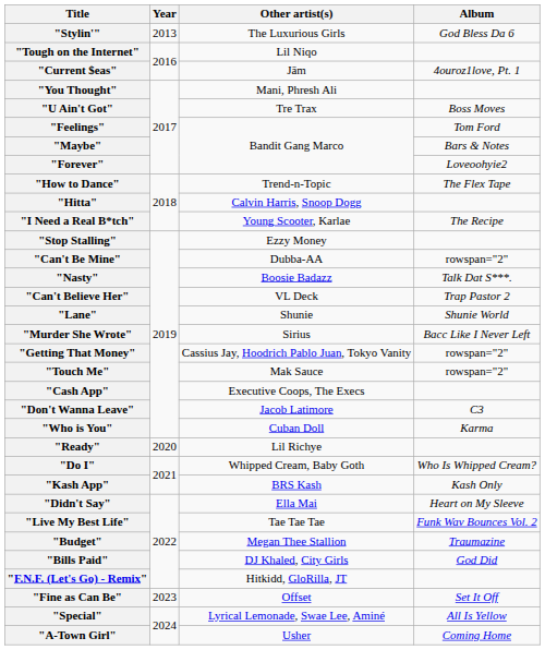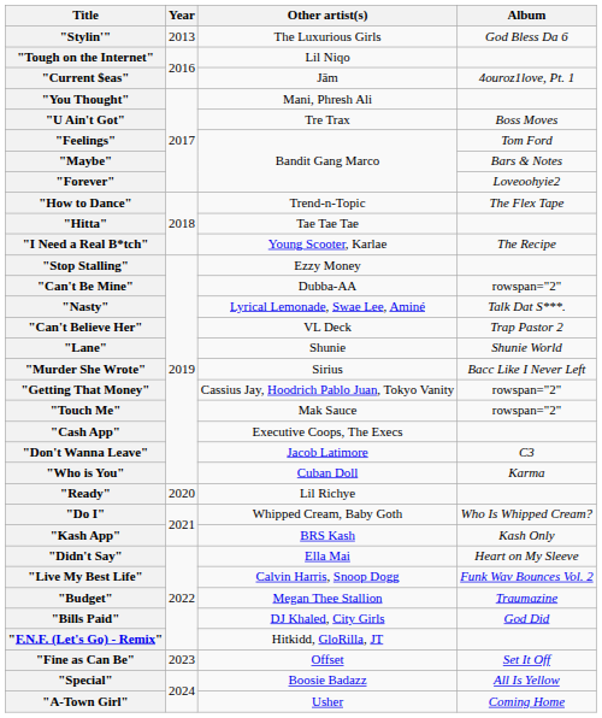 <table class="wikitable plainrowheaders" style="text-align:center;">
 <tr>
 <th scope="col">Title</th>
 <th scope="col">Year</th>
 <th scope="col">Other artist(s)</th>
 <th scope="col">Album</th>
 </tr>
 <tr>
 <th scope="row">"Stylin'"</th>
 <td>2013</td>
 <td>The Luxurious Girls</td>
 <td><em>God Bless Da 6</em></td>
 </tr>
 <tr>
 <th scope="row">"Tough on the Internet"</th>
 <td rowspan="2">2016</td>
 <td>Lil Niqo</td>
 </tr>
 <tr>
 <th scope="row">"Current $eas"</th>
 <td>Jām</td>
 <td><em>4ouroz1love, Pt. 1</em></td>
 </tr>
 <tr>
 <th scope="row">"You Thought"</th>
 <td rowspan="5">2017</td>
 <td>Mani, Phresh Ali</td>
 <td></td>
 </tr>
 <tr>
 <th scope="row">"U Ain't Got"</th>
 <td>Tre Trax</td>
 <td><em>Boss Moves</em></td>
 </tr>
 <tr>
 <th scope="row">"Feelings"</th>
 <td rowspan="3">Bandit Gang Marco</td>
 <td><em>Tom Ford</em></td>
 </tr>
 <tr>
 <th scope="row">"Maybe"</th>
 <td><em>Bars & Notes</em></td>
 </tr>
 <tr>
 <th scope="row">"Forever"</th>
 <td><em>Loveoohyie2</em></td>
 </tr>
 <tr>
 <th scope="row">"How to Dance"</th>
 <td rowspan="3">2018</td>
 <td>Trend-n-Topic</td>
 <td><em>The Flex Tape</em></td>
 </tr>
 <tr>
 <th scope="row">"Hitta"</th>
-<td><a href='#'>Calvin Harris</a>, <a href='#'>Snoop Dogg</a></td>
+<td>Tae Tae Tae</td>
 </tr>
 <tr>
 <th scope="row">"I Need a Real B*tch"</th>
 <td><a href='#'>Young Scooter</a>, Karlae</td>
 <td><em>The Recipe</em></td>
 </tr>
 <tr>
 <th scope="row">"Stop Stalling"</th>
 <td rowspan="11">2019</td>
 <td>Ezzy Money</td>
 <td></td>
 </tr>
 <tr>
 <th scope="row">"Can't Be Mine"</th>
 <td>Dubba-AA</td>
 <td>rowspan="2" </td>
 </tr>
 <tr>
 <th scope="row">"Nasty"</th>
-<td><a href='#'>Boosie Badazz</a></td>
+<td><a href='#'>Lyrical Lemonade</a>, <a href='#'>Swae Lee</a>, <a href='#'>Aminé</a></td>
 <td><em>Talk Dat S***.</em></td>
 </tr>
 <tr>
 <th scope="row">"Can't Believe Her"</th>
 <td>VL Deck</td>
 <td><em>Trap Pastor 2</em></td>
 </tr>
 <tr>
 <th scope="row">"Lane"</th>
 <td>Shunie</td>
 <td><em>Shunie World</em></td>
 </tr>
 <tr>
 <th scope="row">"Murder She Wrote"</th>
 <td>Sirius</td>
 <td><em>Bacc Like I Never Left</em></td>
 </tr>
 <tr>
 <th scope="row">"Getting That Money"</th>
 <td>Cassius Jay, <a href='#'>Hoodrich Pablo Juan</a>, Tokyo Vanity</td>
 <td>rowspan="2" </td>
 </tr>
 <tr>
 <th scope="row">"Touch Me"</th>
 <td>Mak Sauce</td>
 <td>rowspan="2" </td>
 </tr>
 <tr>
 <th scope="row">"Cash App"</th>
 <td>Executive Coops, The Execs</td>
 </tr>
 <tr>
 <th scope="row">"Don't Wanna Leave"</th>
 <td><a href='#'>Jacob Latimore</a></td>
 <td><em>C3</em></td>
 </tr>
 <tr>
 <th scope="row">"Who is You"</th>
 <td><a href='#'>Cuban Doll</a></td>
 <td><em>Karma</em></td>
 </tr>
 <tr>
 <th scope="row">"Ready"</th>
 <td>2020</td>
 <td>Lil Richye</td>
 <td></td>
 </tr>
 <tr>
 <th scope="row">"Do I"</th>
 <td rowspan="2">2021</td>
 <td>Whipped Cream, Baby Goth</td>
 <td><em>Who Is Whipped Cream?</em></td>
 </tr>
 <tr>
 <th scope="row">"Kash App"</th>
 <td><a href='#'>BRS Kash</a></td>
 <td><em>Kash Only</em></td>
 </tr>
 <tr>
 <th scope="row">"Didn't Say"</th>
 <td rowspan="5">2022</td>
 <td><a href='#'>Ella Mai</a></td>
 <td><em>Heart on My Sleeve</em></td>
 </tr>
 <tr>
 <th scope="row">"Live My Best Life"</th>
-<td>Tae Tae Tae</td>
+<td><a href='#'>Calvin Harris</a>, <a href='#'>Snoop Dogg</a></td>
 <td><em><a href='#'>Funk Wav Bounces Vol. 2</a></em></td>
 </tr>
 <tr>
 <th scope="row">"Budget"</th>
 <td><a href='#'>Megan Thee Stallion</a></td>
 <td><em><a href='#'>Traumazine</a></em></td>
 </tr>
 <tr>
 <th scope="row">"Bills Paid"</th>
 <td><a href='#'>DJ Khaled</a>, <a href='#'>City Girls</a></td>
 <td><em><a href='#'>God Did</a></em></td>
 </tr>
 <tr>
 <th scope="row">"<a href='#'>F.N.F. (Let's Go) - Remix</a>"</th>
 <td>Hitkidd, <a href='#'>GloRilla</a>, <a href='#'>JT</a></td>
 <td></td>
 </tr>
 <tr>
 <th scope="row">"Fine as Can Be"</th>
 <td>2023</td>
 <td><a href='#'>Offset</a></td>
 <td><em><a href='#'>Set It Off</a></em></td>
 </tr>
 <tr>
 <th scope="row">"Special"</th>
 <td rowspan="5">2024</td>
-<td><a href='#'>Lyrical Lemonade</a>, <a href='#'>Swae Lee</a>, <a href='#'>Aminé</a></td>
+<td><a href='#'>Boosie Badazz</a></td>
 <td><em><a href='#'>All Is Yellow</a></em></td>
 </tr>
 <tr>
 <th scope="row">"A-Town Girl"</th>
 <td><a href='#'>Usher</a></td>
 <td><em><a href='#'>Coming Home</a></em></td>
 </tr>
 </table>
